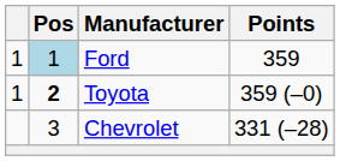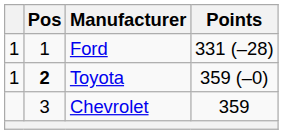 <table class="wikitable" style="font-size: 95%">
 <tr>
 <th></th>
 <th>Pos</th>
 <th>Manufacturer</th>
 <th>Points</th>
 </tr>
 <tr>
 <td align="left"> 1</td>
-<td style="background: lightblue; text-align:center;">1</td>
+<td style="text-align:center;">1</td>
 <td><a href='#'>Ford</a></td>
-<td style="text-align:center;">359</td>
+<td style="text-align:center;">331 (–28)</td>
 </tr>
 <tr>
 <td align="left"> 1</td>
 <td style="text-align:center;"><strong>2</strong></td>
 <td><a href='#'>Toyota</a></td>
 <td style="text-align:center;">359 (–0)</td>
 </tr>
 <tr>
 <td align="left"></td>
 <td style="text-align:center;">3</td>
 <td><a href='#'>Chevrolet</a></td>
-<td style="text-align:center;">331 (–28)</td>
+<td style="text-align:center;">359</td>
 </tr>
 <tr class="sortbottom">
 <th colspan="9"></th>
 </tr>
 </table>
